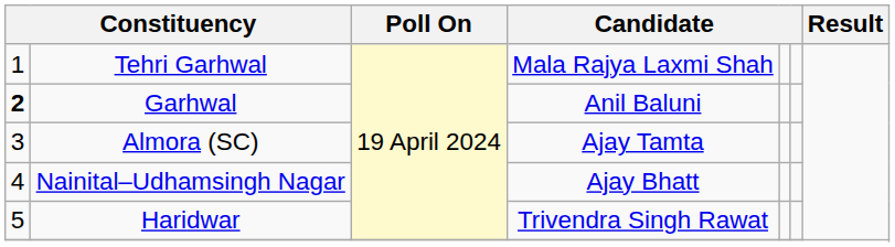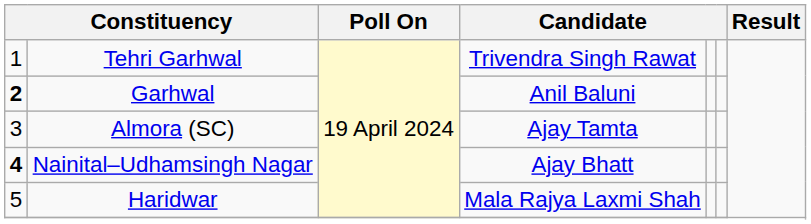 <table class="wikitable sortable" style="text-align:center;">
 <tr>
 <th colspan="2">Constituency</th>
 <th>Poll On</th>
 <th colspan="3">Candidate</th>
 <th>Result</th>
 </tr>
 <tr>
 <td>1</td>
 <td><a href='#'>Tehri Garhwal</a></td>
 <td Rowspan=5 bgcolor=#FFFACD>19 April 2024</td>
-<td><a href='#'>Mala Rajya Laxmi Shah</a></td>
+<td><a href='#'>Trivendra Singh Rawat</a></td>
 <td></td>
 <td></td>
 </tr>
 <tr>
 <td><strong>2</strong></td>
 <td><a href='#'>Garhwal</a></td>
 <td><a href='#'>Anil Baluni</a></td>
 <td></td>
 <td></td>
 </tr>
 <tr>
 <td>3</td>
 <td><a href='#'>Almora</a> (SC)</td>
 <td><a href='#'>Ajay Tamta</a></td>
 <td></td>
 <td></td>
 </tr>
 <tr>
-<td>4</td>
+<td><strong>4</strong></td>
 <td><a href='#'>Nainital–Udhamsingh Nagar</a></td>
 <td><a href='#'>Ajay Bhatt</a></td>
 <td></td>
 <td></td>
 </tr>
 <tr>
 <td>5</td>
 <td><a href='#'>Haridwar</a></td>
-<td><a href='#'>Trivendra Singh Rawat</a></td>
+<td><a href='#'>Mala Rajya Laxmi Shah</a></td>
 <td></td>
 <td></td>
 </tr>
 <tr>
 </tr>
 </table>
